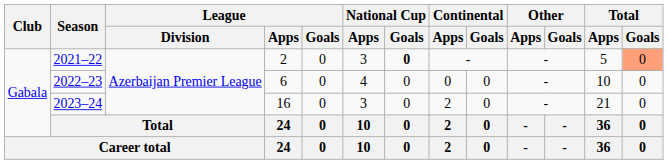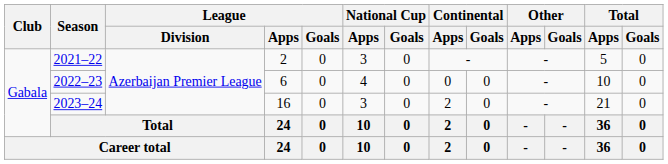 <table class="wikitable" style="text-align: center;">
 <tr>
 <th rowspan="2">Club</th>
 <th rowspan="2">Season</th>
 <th colspan="3">League</th>
 <th colspan="2">National Cup</th>
 <th colspan="2">Continental</th>
 <th colspan="2">Other</th>
 <th colspan="2">Total</th>
 </tr>
 <tr>
 <th>Division</th>
 <th>Apps</th>
 <th>Goals</th>
 <th>Apps</th>
 <th>Goals</th>
 <th>Apps</th>
 <th>Goals</th>
 <th>Apps</th>
 <th>Goals</th>
 <th>Apps</th>
 <th>Goals</th>
 </tr>
 <tr>
 <td rowspan="4" valign="center"><a href='#'>Gabala</a></td>
 <td><a href='#'>2021–22</a></td>
 <td rowspan="3"><a href='#'>Azerbaijan Premier League</a></td>
 <td>2</td>
 <td>0</td>
 <td>3</td>
-<td><strong>0</strong></td>
+<td>0</td>
 <td colspan="2">-</td>
 <td colspan="2">-</td>
 <td>5</td>
-<td style="background: lightsalmon;">0</td>
+<td>0</td>
 </tr>
 <tr>
 <td><a href='#'>2022–23</a></td>
 <td>6</td>
 <td>0</td>
 <td>4</td>
 <td>0</td>
 <td>0</td>
 <td>0</td>
 <td colspan="2">-</td>
 <td>10</td>
 <td>0</td>
 </tr>
 <tr>
 <td><a href='#'>2023–24</a></td>
 <td>16</td>
 <td>0</td>
 <td>3</td>
 <td>0</td>
 <td>2</td>
 <td>0</td>
 <td colspan="2">-</td>
 <td>21</td>
 <td>0</td>
 </tr>
 <tr>
 <th colspan="2">Total</th>
 <th>24</th>
 <th>0</th>
 <th>10</th>
 <th>0</th>
 <th>2</th>
 <th>0</th>
 <th>-</th>
 <th>-</th>
 <th>36</th>
 <th>0</th>
 </tr>
 <tr>
 <th colspan="3">Career total</th>
 <th>24</th>
 <th>0</th>
 <th>10</th>
 <th>0</th>
 <th>2</th>
 <th>0</th>
 <th>-</th>
 <th>-</th>
 <th>36</th>
 <th>0</th>
 </tr>
 </table>
